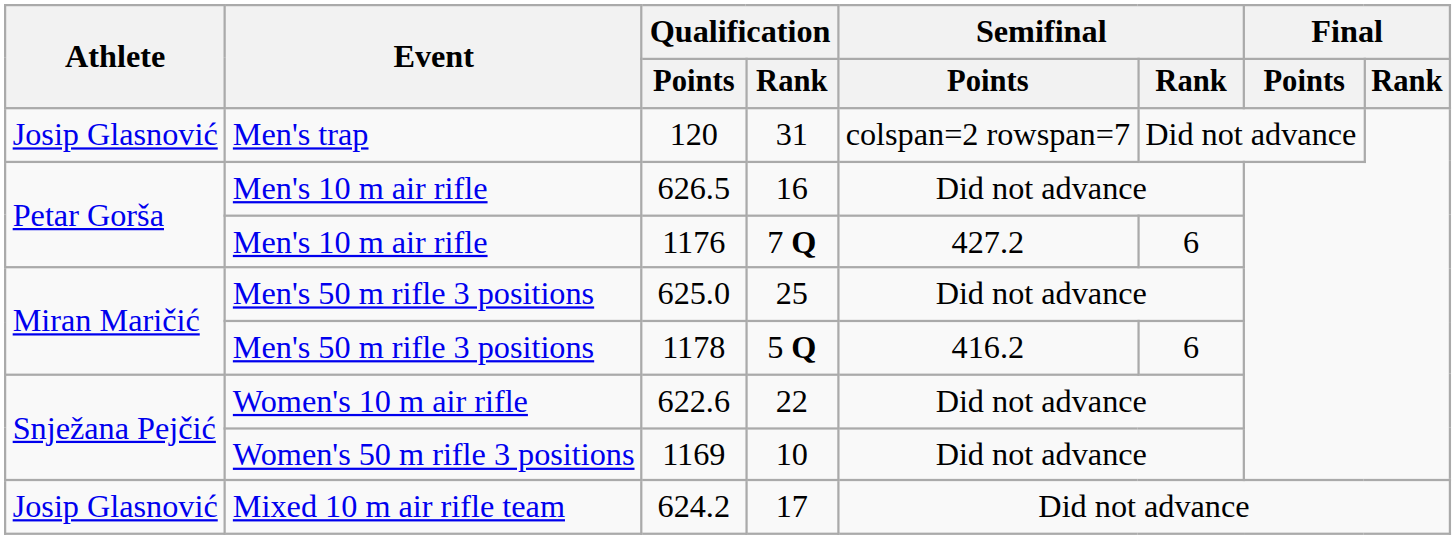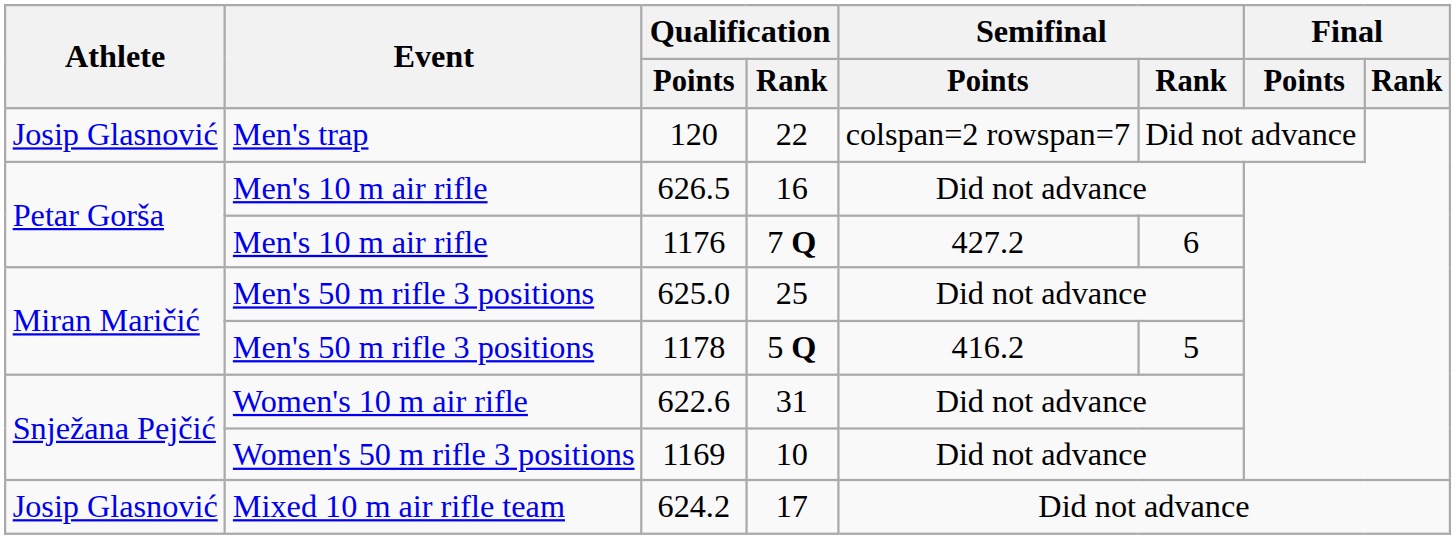 <table class="wikitable" style="font-size:90%">
 <tr>
 <th rowspan="2">Athlete</th>
 <th rowspan="2">Event</th>
 <th colspan=2>Qualification</th>
 <th colspan=2>Semifinal</th>
 <th colspan=2>Final</th>
 </tr>
 <tr style="font-size:95%">
 <th>Points</th>
 <th>Rank</th>
 <th>Points</th>
 <th>Rank</th>
 <th>Points</th>
 <th>Rank</th>
 </tr>
 <tr align=center>
 <td align=left><a href='#'>Josip Glasnović</a></td>
 <td align=left><a href='#'>Men's trap</a></td>
 <td>120</td>
-<td>31</td>
+<td>22</td>
 <td>colspan=2 rowspan=7 </td>
 <td colspan="2">Did not advance</td>
 </tr>
 <tr align=center>
 <td align=left rowspan=2><a href='#'>Petar Gorša</a></td>
 <td align=left><a href='#'>Men's 10 m air rifle</a></td>
 <td>626.5</td>
 <td>16</td>
 <td colspan="2">Did not advance</td>
 </tr>
 <tr align=center>
 <td align=left><a href='#'>Men's 10 m air rifle</a></td>
 <td>1176</td>
 <td>7 <strong>Q</strong></td>
 <td>427.2</td>
 <td>6</td>
 </tr>
 <tr align=center>
 <td align=left rowspan=2><a href='#'>Miran Maričić</a></td>
 <td align=left><a href='#'>Men's 50 m rifle 3 positions</a></td>
 <td>625.0</td>
 <td>25</td>
 <td colspan="2">Did not advance</td>
 </tr>
 <tr align=center>
 <td align=left><a href='#'>Men's 50 m rifle 3 positions</a></td>
 <td>1178</td>
 <td>5 <strong>Q</strong></td>
 <td>416.2</td>
-<td>6</td>
+<td>5</td>
 </tr>
 <tr align=center>
 <td align=left rowspan=2><a href='#'>Snježana Pejčić</a></td>
 <td align=left><a href='#'>Women's 10 m air rifle</a></td>
 <td>622.6</td>
-<td>22</td>
+<td>31</td>
 <td colspan=2>Did not advance</td>
 </tr>
 <tr align=center>
 <td align=left><a href='#'>Women's 50 m rifle 3 positions</a></td>
 <td>1169</td>
 <td>10</td>
 <td colspan="2">Did not advance</td>
 </tr>
 <tr align=center>
 <td align=left><a href='#'>Josip Glasnović</a></td>
 <td align=left><a href='#'>Mixed 10 m air rifle team</a></td>
 <td>624.2</td>
 <td>17</td>
 <td colspan=4>Did not advance</td>
 </tr>
 </table>
